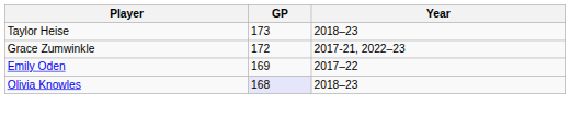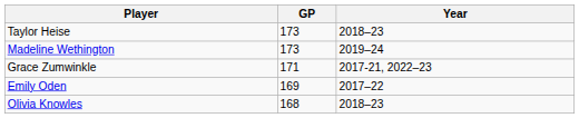 <table class="wikitable" style="width: 50em">
 <tr>
 <th>Player</th>
 <th>GP</th>
 <th>Year</th>
 </tr>
 <tr>
 <td>Taylor Heise</td>
 <td>173</td>
 <td>2018–23</td>
 </tr>
 <tr>
+<td><a href='#'>Madeline Wethington</a></td>
+<td>173</td>
+<td>2019–24</td>
+</tr>
+<tr>
 <td>Grace Zumwinkle</td>
-<td>172</td>
+<td>171</td>
 <td>2017-21, 2022–23</td>
 </tr>
 <tr>
 <td><a href='#'>Emily Oden</a></td>
 <td>169</td>
 <td>2017–22</td>
 </tr>
 <tr>
 <td><a href='#'>Olivia Knowles</a></td>
-<td style="background: lavender;">168</td>
+<td>168</td>
 <td>2018–23</td>
 </tr>
 </table>
